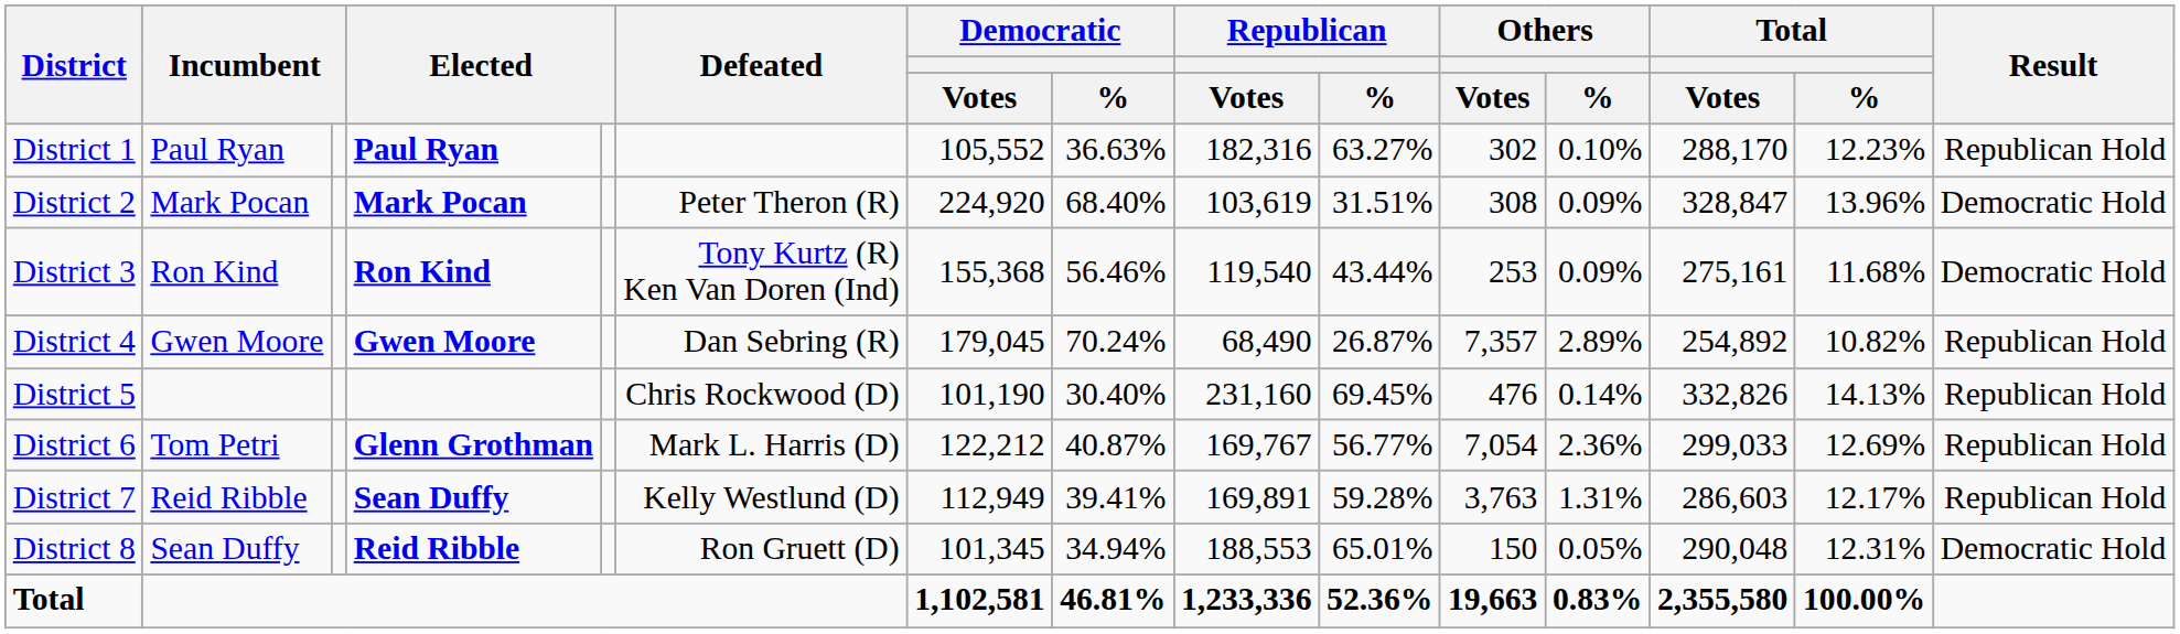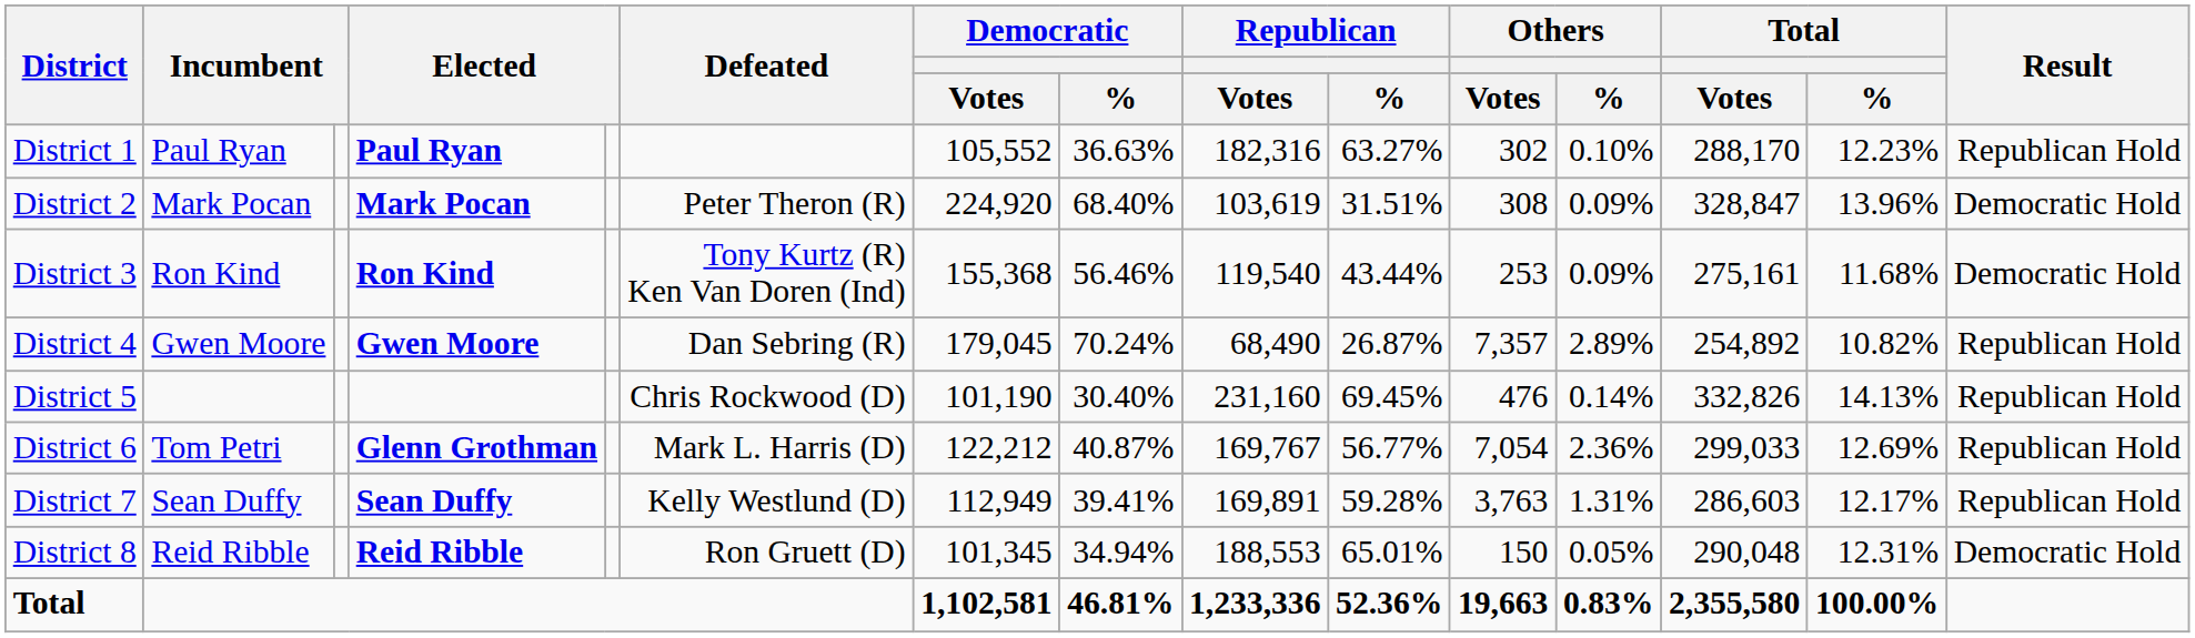 <table class="wikitable plainrowheaders sortable" style="font-size:100%; text-align:right;">
 <tr>
 <th scope=col rowspan=3><a href='#'>District</a></th>
 <th scope=col rowspan=3 colspan="2">Incumbent</th>
 <th scope=col rowspan=3 colspan="2">Elected</th>
 <th scope=col rowspan=3>Defeated</th>
 <th scope=col colspan=2><a href='#'>Democratic</a></th>
 <th scope=col colspan=2><a href='#'>Republican</a></th>
 <th scope=col colspan=2>Others</th>
 <th scope=col colspan=2>Total</th>
 <th scope=col rowspan=3>Result</th>
 </tr>
 <tr>
 <th scope=col colspan=2 style="background:"></th>
 <th scope=col colspan=2 style="background:"></th>
 <th scope=col colspan=2></th>
 <th scope=col colspan=2></th>
 </tr>
 <tr>
 <th scope=col data-sort-type="number">Votes</th>
 <th scope=col data-sort-type="number">%</th>
 <th scope=col data-sort-type="number">Votes</th>
 <th scope=col data-sort-type="number">%</th>
 <th scope=col data-sort-type="number">Votes</th>
 <th scope=col data-sort-type="number">%</th>
 <th scope=col data-sort-type="number">Votes</th>
 <th scope=col data-sort-type="number">%</th>
 </tr>
 <tr>
 <td align=left><a href='#'>District 1</a></td>
 <td align=left><a href='#'>Paul Ryan</a></td>
 <td></td>
 <td align=left><strong><a href='#'>Paul Ryan</a></strong></td>
 <td style="background:"></td>
 <td><br></td>
 <td>105,552</td>
 <td>36.63%</td>
 <td>182,316</td>
 <td>63.27%</td>
 <td>302</td>
 <td>0.10%</td>
 <td>288,170</td>
 <td>12.23%</td>
 <td>Republican Hold</td>
 </tr>
 <tr>
 <td align=left><a href='#'>District 2</a></td>
 <td align=left><a href='#'>Mark Pocan</a></td>
 <td></td>
 <td align=left><strong><a href='#'>Mark Pocan</a></strong></td>
 <td style="background:"></td>
 <td>Peter Theron (R)</td>
 <td>224,920</td>
 <td>68.40%</td>
 <td>103,619</td>
 <td>31.51%</td>
 <td>308</td>
 <td>0.09%</td>
 <td>328,847</td>
 <td>13.96%</td>
 <td>Democratic Hold</td>
 </tr>
 <tr>
 <td align=left><a href='#'>District 3</a></td>
 <td align=left><a href='#'>Ron Kind</a></td>
 <td></td>
 <td align=left><strong><a href='#'>Ron Kind</a></strong></td>
 <td style="background:"></td>
 <td><a href='#'>Tony Kurtz</a> (R)<br>Ken Van Doren (Ind)</td>
 <td>155,368</td>
 <td>56.46%</td>
 <td>119,540</td>
 <td>43.44%</td>
 <td>253</td>
 <td>0.09%</td>
 <td>275,161</td>
 <td>11.68%</td>
 <td>Democratic Hold</td>
 </tr>
 <tr>
 <td align=left><a href='#'>District 4</a></td>
 <td align=left><a href='#'>Gwen Moore</a></td>
 <td></td>
 <td align=left><strong><a href='#'>Gwen Moore</a></strong></td>
 <td style="background:"></td>
 <td>Dan Sebring (R)<br></td>
 <td>179,045</td>
 <td>70.24%</td>
 <td>68,490</td>
 <td>26.87%</td>
 <td>7,357</td>
 <td>2.89%</td>
 <td>254,892</td>
 <td>10.82%</td>
 <td>Republican Hold</td>
 </tr>
 <tr>
 <td align=left><a href='#'>District 5</a></td>
 <td align=left></td>
 <td></td>
 <td align=left></td>
 <td style="background:"></td>
 <td>Chris Rockwood (D)</td>
 <td>101,190</td>
 <td>30.40%</td>
 <td>231,160</td>
 <td>69.45%</td>
 <td>476</td>
 <td>0.14%</td>
 <td>332,826</td>
 <td>14.13%</td>
 <td>Republican Hold</td>
 </tr>
 <tr>
 <td align=left><a href='#'>District 6</a></td>
 <td align=left><a href='#'>Tom Petri</a></td>
 <td></td>
 <td align=left><strong><a href='#'>Glenn Grothman</a></strong></td>
 <td style="background:"></td>
 <td>Mark L. Harris (D)<br></td>
 <td>122,212</td>
 <td>40.87%</td>
 <td>169,767</td>
 <td>56.77%</td>
 <td>7,054</td>
 <td>2.36%</td>
 <td>299,033</td>
 <td>12.69%</td>
 <td>Republican Hold</td>
 </tr>
 <tr>
 <td align=left><a href='#'>District 7</a></td>
-<td align=left><a href='#'>Reid Ribble</a></td>
+<td align=left><a href='#'>Sean Duffy</a></td>
 <td></td>
 <td align=left><strong><a href='#'>Sean Duffy</a></strong></td>
 <td style="background:"></td>
 <td>Kelly Westlund (D)<br></td>
 <td>112,949</td>
 <td>39.41%</td>
 <td>169,891</td>
 <td>59.28%</td>
 <td>3,763</td>
 <td>1.31%</td>
 <td>286,603</td>
 <td>12.17%</td>
 <td>Republican Hold</td>
 </tr>
 <tr>
 <td align=left><a href='#'>District 8</a></td>
-<td align=left><a href='#'>Sean Duffy</a></td>
+<td align=left><a href='#'>Reid Ribble</a></td>
 <td></td>
 <td align=left><strong><a href='#'>Reid Ribble</a></strong></td>
 <td style="background:"></td>
 <td>Ron Gruett (D)</td>
 <td>101,345</td>
 <td>34.94%</td>
 <td>188,553</td>
 <td>65.01%</td>
 <td>150</td>
 <td>0.05%</td>
 <td>290,048</td>
 <td>12.31%</td>
 <td>Democratic Hold</td>
 </tr>
 <tr class="sortbottom" style="font-weight:bold">
 <td align=left>Total</td>
 <td colspan="5"></td>
 <td>1,102,581</td>
 <td>46.81%</td>
 <td>1,233,336</td>
 <td>52.36%</td>
 <td>19,663</td>
 <td>0.83%</td>
 <td>2,355,580</td>
 <td>100.00%</td>
 <td></td>
 </tr>
 </table>
